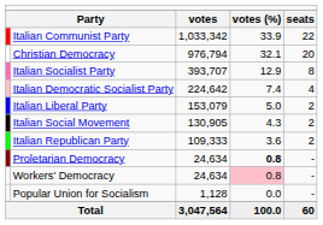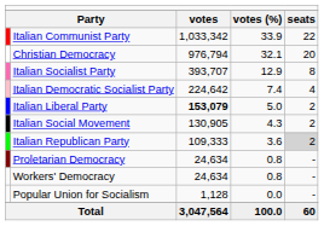 <table class="wikitable" style="font-size:95%">
 <tr>
 <td colspan=5 align=center></td>
 </tr>
 <tr>
 </tr>
 <tr bgcolor="EFEFEF">
 <th colspan=2>Party</th>
 <th>votes</th>
 <th>votes (%)</th>
 <th>seats</th>
 </tr>
 <tr>
 <td bgcolor=red></td>
 <td><a href='#'>Italian Communist Party</a></td>
 <td align=right>1,033,342</td>
 <td align=right>33.9</td>
 <td align=right>22</td>
 </tr>
 <tr>
 <td bgcolor=white></td>
 <td><a href='#'>Christian Democracy</a></td>
 <td align=right>976,794</td>
 <td align=right>32.1</td>
 <td align=right>20</td>
 </tr>
 <tr>
 <td bgcolor=hotpink></td>
 <td><a href='#'>Italian Socialist Party</a></td>
 <td align=right>393,707</td>
 <td align=right>12.9</td>
 <td align=right>8</td>
 </tr>
 <tr>
 <td bgcolor=pink></td>
 <td><a href='#'>Italian Democratic Socialist Party</a></td>
 <td align=right>224,642</td>
 <td align=right>7.4</td>
 <td align=right>4</td>
 </tr>
 <tr>
 <td bgcolor=blue></td>
 <td><a href='#'>Italian Liberal Party</a></td>
-<td align=right>153,079</td>
+<td align=right><strong>153,079</strong></td>
 <td align=right>5.0</td>
 <td align=right>2</td>
 </tr>
 <tr>
 <td bgcolor=black></td>
 <td><a href='#'>Italian Social Movement</a></td>
 <td align=right>130,905</td>
 <td align=right>4.3</td>
 <td align=right>2</td>
 </tr>
 <tr>
 <td bgcolor=lime></td>
 <td><a href='#'>Italian Republican Party</a></td>
 <td align=right>109,333</td>
 <td align=right>3.6</td>
-<td align=right>2</td>
+<td align=right style="background: lightgrey;">2</td>
 </tr>
 <tr>
 <td bgcolor=maroon></td>
 <td><a href='#'>Proletarian Democracy</a></td>
 <td align=right>24,634</td>
-<td align=right><strong>0.8</strong></td>
+<td align=right>0.8</td>
 <td align=right>-</td>
 </tr>
 <tr>
 <td></td>
 <td>Workers' Democracy</td>
 <td align=right>24,634</td>
-<td align=right style="background: pink;">0.8</td>
+<td align=right>0.8</td>
 <td align=right>-</td>
 </tr>
 <tr>
 <td></td>
 <td>Popular Union for Socialism</td>
 <td align=right>1,128</td>
 <td align=right>0.0</td>
 <td align=right>-</td>
 </tr>
 <tr>
 </tr>
 <tr bgcolor="EFEFEF">
 <th colspan=2><strong>Total</strong></th>
 <td align=right><strong>3,047,564</strong></td>
 <td align=right><strong>100.0</strong></td>
 <td align=right><strong>60</strong></td>
 </tr>
 </table>
